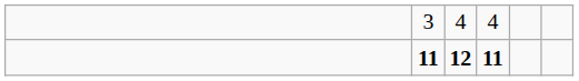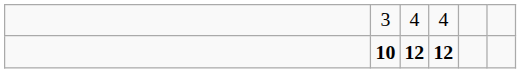 <table class="wikitable">
 <tr>
 <td style="width:18em"></td>
 <td align=center style="width:1em">3</td>
 <td align=center style="width:1em">4</td>
 <td align=center style="width:1em">4</td>
 <td align=center style="width:1em"></td>
 <td align=center style="width:1em"></td>
 </tr>
 <tr>
 <td style="width:18em"><strong></strong></td>
-<td align=center style="width:1em"><strong>11</strong></td>
+<td align=center style="width:1em"><strong>10</strong></td>
 <td align=center style="width:1em"><strong>12</strong></td>
-<td align=center style="width:1em"><strong>11</strong></td>
+<td align=center style="width:1em"><strong>12</strong></td>
 <td align=center style="width:1em"></td>
 <td align=center style="width:1em"></td>
 </tr>
 </table>
